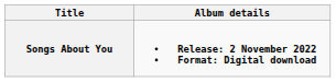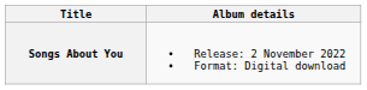 <table class="wikitable plainrowheaders" style="text-align:center;">
 <tr>
 <th scope="col" style="width:13em;">Title</th>
 <th scope="col" style="width:20em;">Album details</th>
 </tr>
 <tr>
 <th scope="row">Songs About You</th>
-<td><strong><br><ul><li>Release: 2 November 2022</li><li>Format: Digital download</li></ul></strong></td>
+<td><br><ul><li>Release: 2 November 2022</li><li>Format: Digital download</li></ul></td>
 </tr>
 </table>
